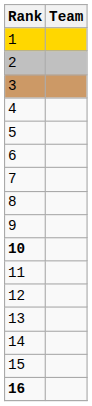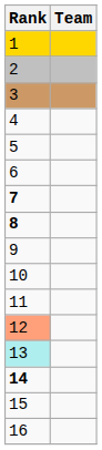 <table class="wikitable">
 <tr>
 <th>Rank</th>
 <th>Team</th>
 </tr>
 <tr style="background:gold;">
 <td>1</td>
 <td></td>
 </tr>
 <tr style="background:silver;">
 <td>2</td>
 <td></td>
 </tr>
 <tr style="background:#c96;">
 <td>3</td>
 <td></td>
 </tr>
 <tr>
 <td>4</td>
 <td></td>
 </tr>
 <tr>
 <td>5</td>
 <td></td>
 </tr>
 <tr>
 <td>6</td>
 <td></td>
 </tr>
 <tr>
-<td>7</td>
+<td><strong>7</strong></td>
 <td></td>
 </tr>
 <tr>
-<td>8</td>
+<td><strong>8</strong></td>
 <td></td>
 </tr>
 <tr>
 <td>9</td>
 <td></td>
 </tr>
 <tr>
-<td><strong>10</strong></td>
+<td>10</td>
 <td></td>
 </tr>
 <tr>
 <td>11</td>
 <td></td>
 </tr>
 <tr>
-<td>12</td>
+<td style="background: lightsalmon;">12</td>
 <td></td>
 </tr>
 <tr>
-<td>13</td>
+<td style="background: paleturquoise;">13</td>
 <td></td>
 </tr>
 <tr>
-<td>14</td>
+<td><strong>14</strong></td>
 <td></td>
 </tr>
 <tr>
 <td>15</td>
 <td></td>
 </tr>
 <tr>
-<td><strong>16</strong></td>
+<td>16</td>
 <td></td>
 </tr>
 <tr>
 </tr>
 </table>
